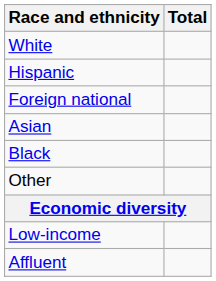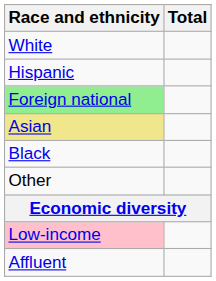 <table class="wikitable floatright sortable collapsible"; text-align:right; font-size:80%;">
 <tr>
 <th>Race and ethnicity</th>
 <th colspan="2" data-sort-type=number>Total</th>
 </tr>
 <tr>
 <td><a href='#'>White</a></td>
 <td align=right></td>
 </tr>
 <tr>
 <td><a href='#'>Hispanic</a></td>
 <td align=right></td>
 </tr>
 <tr>
-<td><a href='#'>Foreign national</a></td>
+<td style="background: lightgreen;"><a href='#'>Foreign national</a></td>
 <td align=right></td>
 </tr>
 <tr>
-<td><a href='#'>Asian</a></td>
+<td style="background: khaki;"><a href='#'>Asian</a></td>
 <td align=right></td>
 </tr>
 <tr>
 <td><a href='#'>Black</a></td>
 <td align=right></td>
 </tr>
 <tr>
 <td>Other</td>
 <td align=right></td>
 </tr>
 <tr>
 <th colspan="4" data-sort-type=number><a href='#'>Economic diversity</a></th>
 </tr>
 <tr>
-<td><a href='#'>Low-income</a></td>
+<td style="background: pink;"><a href='#'>Low-income</a></td>
 <td align=right></td>
 </tr>
 <tr>
 <td><a href='#'>Affluent</a></td>
 <td align=right></td>
 </tr>
 </table>
